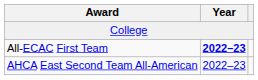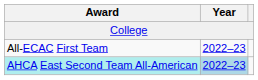 <table class="wikitable">
 <tr>
 <th>Award</th>
 <th>Year</th>
 <th></th>
 </tr>
 <tr align=center bgcolor=f0f0f0>
 <td colspan="3"><a href='#'>College</a></td>
 </tr>
 <tr>
 <td>All-<a href='#'>ECAC</a> <a href='#'>First Team</a></td>
-<td><strong><a href='#'>2022–23</a></strong></td>
+<td><a href='#'>2022–23</a></td>
 <td></td>
 </tr>
 <tr>
-<td><a href='#'>AHCA</a> <a href='#'>East Second Team All-American</a></td>
-<td><a href='#'>2022–23</a></td>
+<td style="background: paleturquoise;"><a href='#'>AHCA</a> <a href='#'>East Second Team All-American</a></td>
+<td style="background: lightblue;"><a href='#'>2022–23</a></td>
 <td></td>
 </tr>
 </table>
